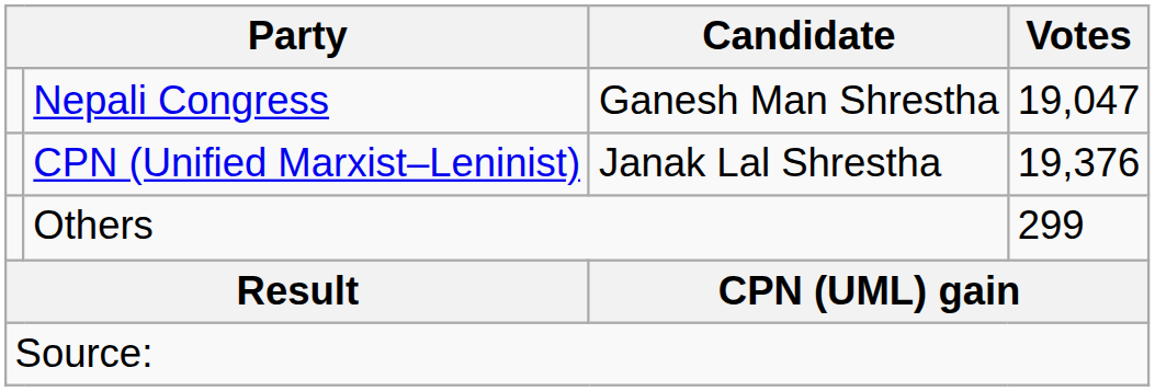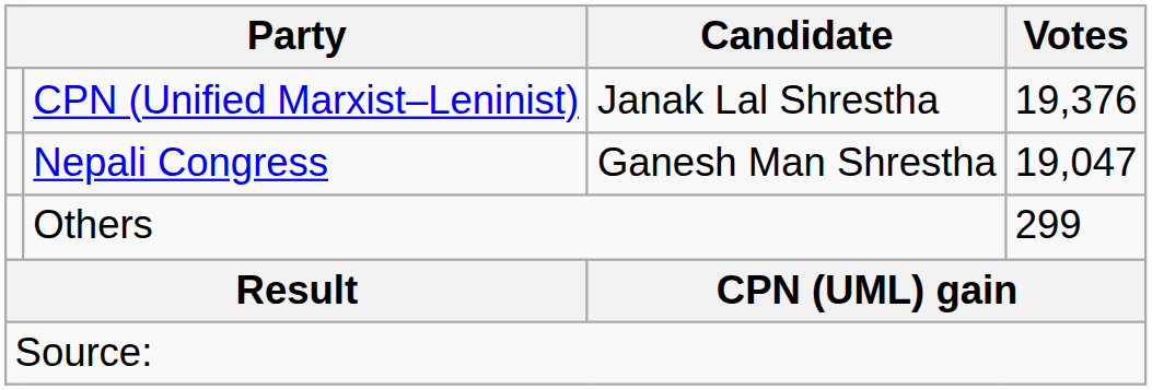 <table class="wikitable">
 <tr>
 <th colspan="2">Party</th>
 <th>Candidate</th>
 <th>Votes</th>
 </tr>
 <tr>
 <td style="background-color:"></td>
+<td><a href='#'>CPN (Unified Marxist–Leninist)</a></td>
+<td>Janak Lal Shrestha</td>
+<td>19,376</td>
+</tr>
+<tr>
+<td style="background-color:"></td>
 <td><a href='#'>Nepali Congress</a></td>
 <td>Ganesh Man Shrestha</td>
 <td>19,047</td>
-</tr>
-<tr>
-<td style="background-color:"></td>
-<td><a href='#'>CPN (Unified Marxist–Leninist)</a></td>
-<td>Janak Lal Shrestha</td>
-<td>19,376</td>
 </tr>
 <tr>
 <td></td>
 <td colspan="2">Others</td>
 <td>299</td>
 </tr>
 <tr>
 <th colspan="2">Result</th>
 <th colspan="2">CPN (UML) gain</th>
 </tr>
 <tr>
 <td colspan="4">Source: </td>
 </tr>
 </table>
